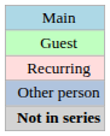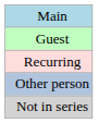 <table class="wikitable" style="text-align:center">
 <tr>
 <td style="background: lightblue ">  Main</td>
 </tr>
 <tr>
 <td style="background: #C0FFC0">  Guest</td>
 </tr>
 <tr>
 <td style="background: #ffdddd">  Recurring</td>
 </tr>
 <tr>
 <td style="background: lightsteelblue ">  Other person</td>
 </tr>
 <tr>
-<td style="background: lightgrey "><strong>  Not in series</strong></td>
+<td style="background: lightgrey ">  Not in series</td>
 </tr>
 </table>
